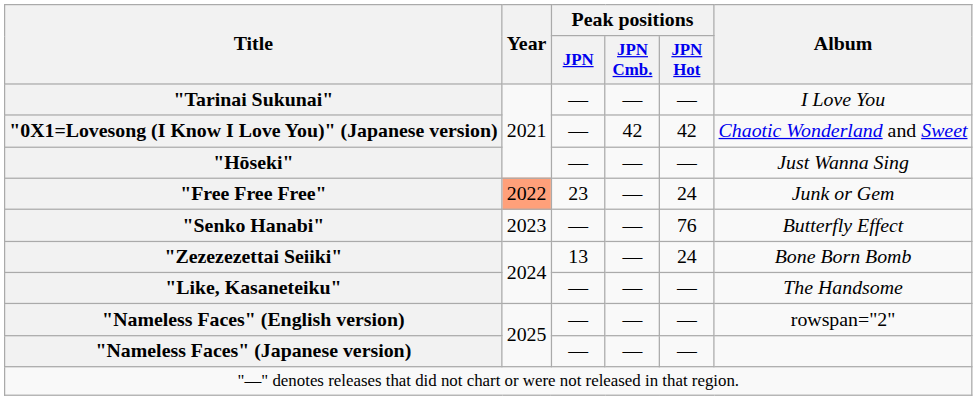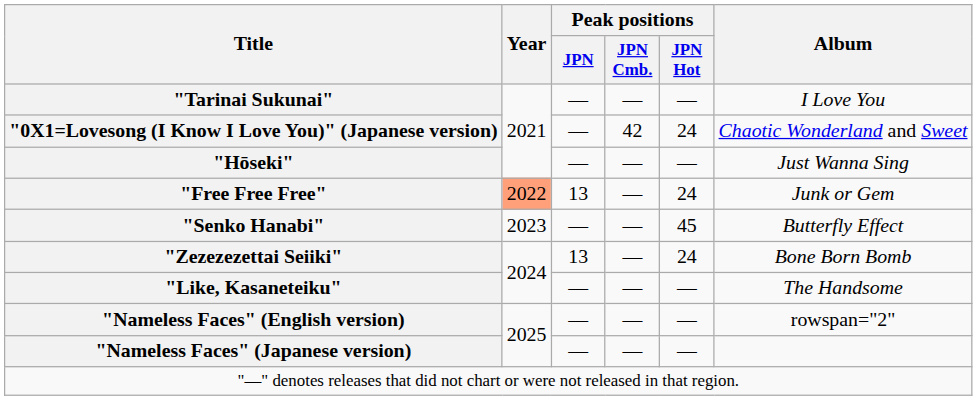 <table class="wikitable plainrowheaders" style="text-align:center">
 <tr>
 <th scope="col" rowspan="2">Title</th>
 <th scope="col" rowspan="2">Year</th>
 <th scope="col" colspan="3">Peak positions</th>
 <th scope="col" rowspan="2">Album</th>
 </tr>
 <tr>
 <th scope="col" style="width:2.75em;font-size:85%"><a href='#'>JPN</a><br></th>
 <th scope="col" style="width:2.75em;font-size:85%"><a href='#'>JPN<br>Cmb.</a><br></th>
 <th scope="col" style="width:2.75em;font-size:85%"><a href='#'>JPN<br>Hot</a><br></th>
 </tr>
 <tr>
 <th scope="row">"Tarinai Sukunai"<br></th>
 <td rowspan="3">2021</td>
 <td>—</td>
 <td>—</td>
 <td>—</td>
 <td><em>I Love You</em></td>
 </tr>
 <tr>
 <th scope="row">"0X1=Lovesong (I Know I Love You)" (Japanese version)<br></th>
 <td>—</td>
 <td>42</td>
-<td>42</td>
+<td>24</td>
 <td><em><a href='#'>Chaotic Wonderland</a></em> and <em><a href='#'>Sweet</a></em></td>
 </tr>
 <tr>
 <th scope="row">"Hōseki"<br></th>
 <td>—</td>
 <td>—</td>
 <td>—</td>
 <td><em>Just Wanna Sing</em></td>
 </tr>
 <tr>
 <th scope="row">"Free Free Free"<br></th>
 <td style="background: lightsalmon;">2022</td>
-<td>23</td>
+<td>13</td>
 <td>—</td>
 <td>24</td>
 <td><em>Junk or Gem</em></td>
 </tr>
 <tr>
 <th scope="row">"Senko Hanabi"<br></th>
 <td>2023</td>
 <td>—</td>
 <td>—</td>
-<td>76</td>
+<td>45</td>
 <td><em>Butterfly Effect</em></td>
 </tr>
 <tr>
 <th scope="row">"Zezezezettai Seiiki"<br></th>
 <td rowspan="2">2024</td>
 <td>13</td>
 <td>—</td>
 <td>24</td>
 <td><em>Bone Born Bomb</em></td>
 </tr>
 <tr>
 <th scope="row">"Like, Kasaneteiku"<br></th>
 <td>—</td>
 <td>—</td>
 <td>—</td>
 <td><em>The Handsome</em></td>
 </tr>
 <tr>
 <th scope="row">"Nameless Faces" (English version)<br></th>
 <td rowspan="2">2025</td>
 <td>—</td>
 <td>—</td>
 <td>—</td>
 <td>rowspan="2" </td>
 </tr>
 <tr>
 <th scope="row">"Nameless Faces" (Japanese version)<br></th>
 <td>—</td>
 <td>—</td>
 <td>—</td>
 </tr>
 <tr>
 <td colspan="6" style="font-size:85%">"—" denotes releases that did not chart or were not released in that region.</td>
 </tr>
 </table>
